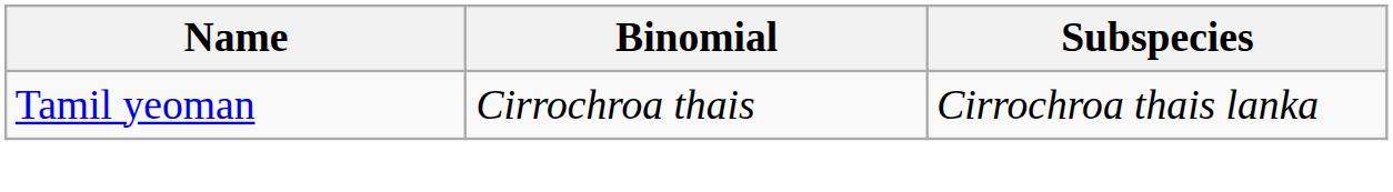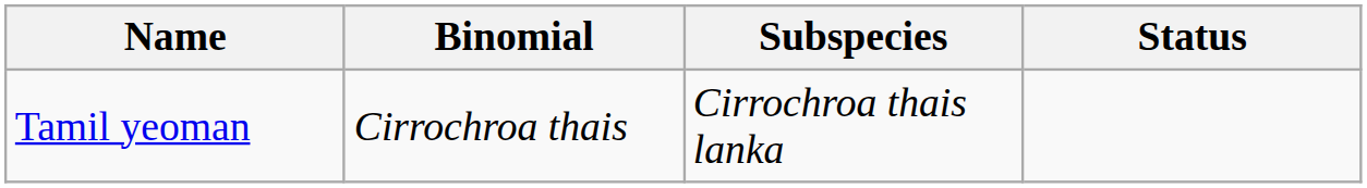 <table width=60% class="wikitable">
 <tr>
 <th width=20%>Name</th>
 <th width=20%>Binomial</th>
 <th width=20%>Subspecies</th>
+<th width=20%>Status</th>
 </tr>
 <tr>
 <td><a href='#'>Tamil yeoman</a><br> </td>
 <td><em>Cirrochroa thais</em></td>
 <td><em>Cirrochroa thais lanka</em></td>
+<td></td>
 </tr>
 </table>
